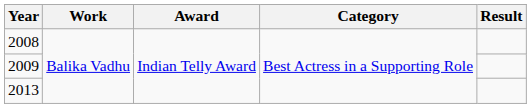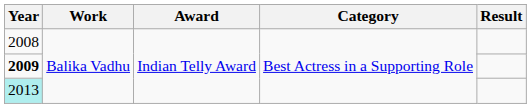 <table class="wikitable sortable">
 <tr>
 <th>Year</th>
 <th>Work</th>
 <th>Award</th>
 <th>Category</th>
 <th>Result</th>
 </tr>
 <tr>
 <td>2008</td>
 <td rowspan="3"><a href='#'>Balika Vadhu</a></td>
 <td rowspan="3"><a href='#'>Indian Telly Award</a></td>
 <td rowspan="3"><a href='#'>Best Actress in a Supporting Role</a></td>
 <td></td>
 </tr>
 <tr>
-<td>2009</td>
+<td><strong>2009</strong></td>
 <td></td>
 </tr>
 <tr>
-<td>2013</td>
+<td style="background: paleturquoise;">2013</td>
 <td></td>
 </tr>
 </table>
